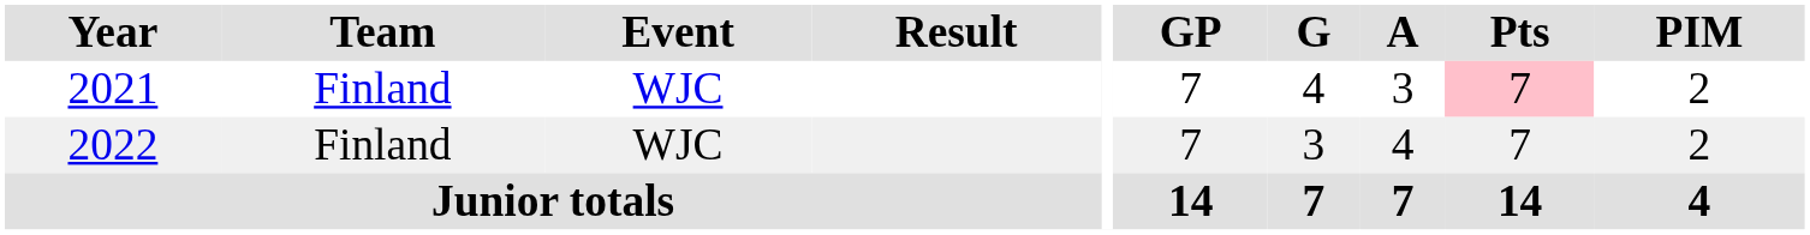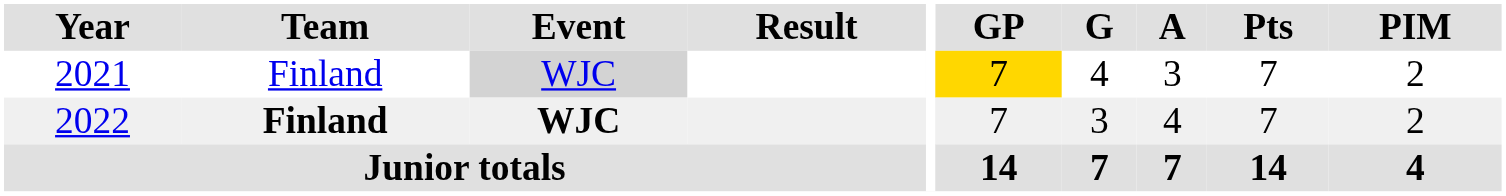 <table border="0" cellpadding="1" cellspacing="0" ID="Table3" style="text-align:center; width:40em">
 <tr bgcolor="#e0e0e0">
 <th>Year</th>
 <th>Team</th>
 <th>Event</th>
 <th>Result</th>
 <th rowspan="102" bgcolor="#ffffff"></th>
 <th>GP</th>
 <th>G</th>
 <th>A</th>
 <th>Pts</th>
 <th>PIM</th>
 </tr>
 <tr>
 <td><a href='#'>2021</a></td>
 <td><a href='#'>Finland</a></td>
-<td><a href='#'>WJC</a></td>
+<td style="background: lightgrey;"><a href='#'>WJC</a></td>
 <td></td>
-<td>7</td>
+<td style="background: gold;">7</td>
 <td>4</td>
 <td>3</td>
-<td style="background: pink;">7</td>
+<td>7</td>
 <td>2</td>
 </tr>
 <tr bgcolor="#f0f0f0">
 <td><a href='#'>2022</a></td>
-<td>Finland</td>
-<td>WJC</td>
+<td><strong>Finland</strong></td>
+<td><strong>WJC</strong></td>
 <td></td>
 <td>7</td>
 <td>3</td>
 <td>4</td>
 <td>7</td>
 <td>2</td>
 </tr>
 <tr bgcolor="#e0e0e0">
 <th colspan="4">Junior totals</th>
 <th>14</th>
 <th>7</th>
 <th>7</th>
 <th>14</th>
 <th>4</th>
 </tr>
 </table>
